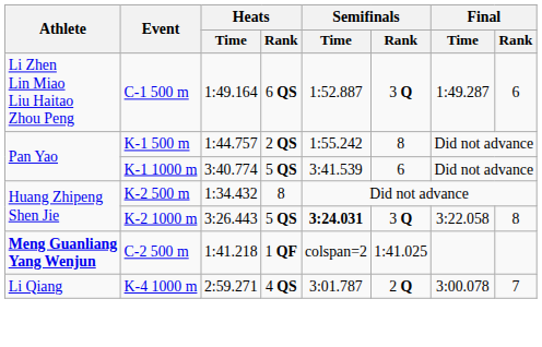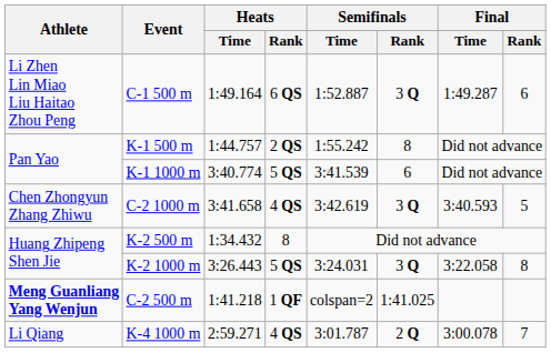 <table class="wikitable" style="font-size:90%">
 <tr>
 <th rowspan=2>Athlete</th>
 <th rowspan=2>Event</th>
 <th colspan=2>Heats</th>
 <th colspan=2>Semifinals</th>
 <th colspan=2>Final</th>
 </tr>
 <tr style="font-size:95%">
 <th>Time</th>
 <th>Rank</th>
 <th>Time</th>
 <th>Rank</th>
 <th>Time</th>
 <th>Rank</th>
 </tr>
 <tr align=center>
 <td align=left><a href='#'>Li Zhen</a><br><a href='#'>Lin Miao</a><br><a href='#'>Liu Haitao</a><br><a href='#'>Zhou Peng</a></td>
 <td align=left><a href='#'>C-1 500 m</a></td>
 <td>1:49.164</td>
 <td>6 <strong>QS</strong></td>
 <td>1:52.887</td>
 <td>3 <strong>Q</strong></td>
 <td>1:49.287</td>
 <td>6</td>
 </tr>
 <tr align=center>
 <td align=left rowspan=2><a href='#'>Pan Yao</a></td>
 <td align=left><a href='#'>K-1 500 m</a></td>
 <td>1:44.757</td>
 <td>2 <strong>QS</strong></td>
 <td>1:55.242</td>
 <td>8</td>
 <td colspan=2>Did not advance</td>
 </tr>
 <tr align=center>
 <td align=left><a href='#'>K-1 1000 m</a></td>
 <td>3:40.774</td>
 <td>5 <strong>QS</strong></td>
 <td>3:41.539</td>
 <td>6</td>
 <td colspan=2>Did not advance</td>
 </tr>
 <tr align=center>
+<td align=left><a href='#'>Chen Zhongyun</a><br><a href='#'>Zhang Zhiwu</a></td>
+<td align=left><a href='#'>C-2 1000 m</a></td>
+<td>3:41.658</td>
+<td>4 <strong>QS</strong></td>
+<td>3:42.619</td>
+<td>3 <strong>Q</strong></td>
+<td>3:40.593</td>
+<td>5</td>
+</tr>
+<tr align=center>
 <td align=left rowspan=2><a href='#'>Huang Zhipeng</a><br><a href='#'>Shen Jie</a></td>
 <td align=left><a href='#'>K-2 500 m</a></td>
 <td>1:34.432</td>
 <td>8</td>
 <td colspan=4>Did not advance</td>
 </tr>
 <tr align=center>
 <td align=left><a href='#'>K-2 1000 m</a></td>
 <td>3:26.443</td>
 <td>5 <strong>QS</strong></td>
-<td><strong>3:24.031</strong></td>
+<td>3:24.031</td>
 <td>3 <strong>Q</strong></td>
 <td>3:22.058</td>
 <td>8</td>
 </tr>
 <tr align=center>
 <td align=left><strong><a href='#'>Meng Guanliang</a><br><a href='#'>Yang Wenjun</a></strong></td>
 <td align=left><a href='#'>C-2 500 m</a></td>
 <td>1:41.218</td>
 <td>1 <strong>QF</strong></td>
 <td>colspan=2 </td>
 <td>1:41.025</td>
 <td></td>
 </tr>
 <tr align=center>
 <td align=left><a href='#'>Li Qiang</a></td>
 <td align=left><a href='#'>K-4 1000 m</a></td>
 <td>2:59.271</td>
 <td>4 <strong>QS</strong></td>
 <td>3:01.787</td>
 <td>2 <strong>Q</strong></td>
 <td>3:00.078</td>
 <td>7</td>
 </tr>
 </table>
